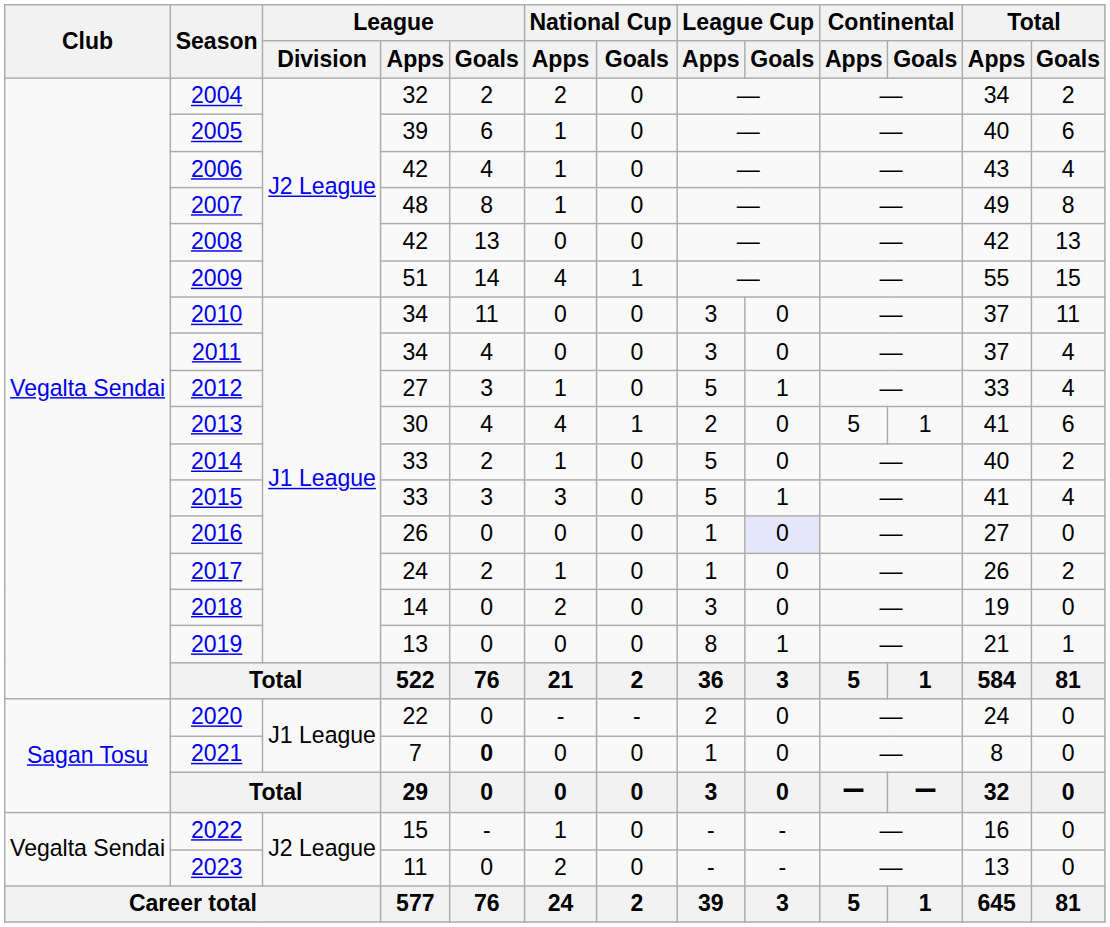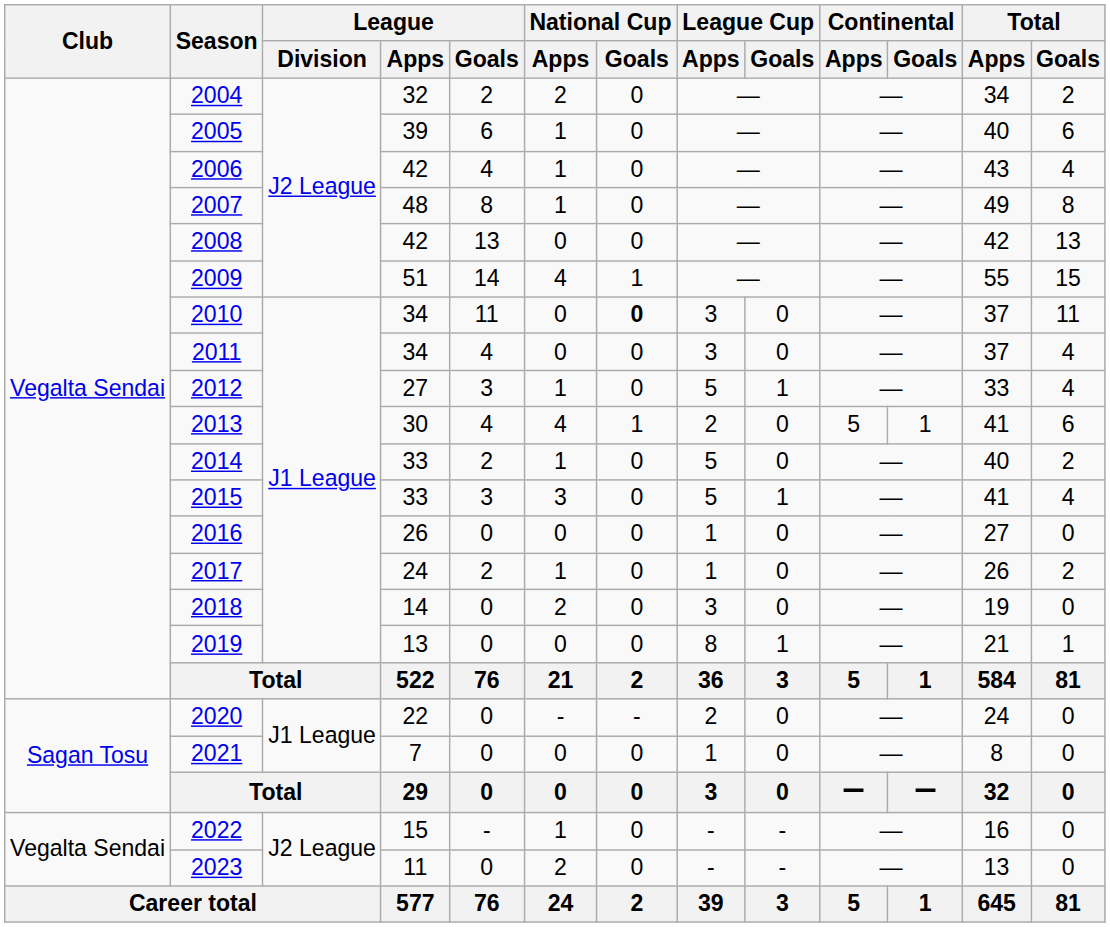 <table class="wikitable" style="text-align:center">
 <tr>
 <th rowspan="2">Club</th>
 <th rowspan="2">Season</th>
 <th colspan="3">League</th>
 <th colspan="2">National Cup</th>
 <th colspan="2">League Cup</th>
 <th colspan="2">Continental</th>
 <th colspan="2">Total</th>
 </tr>
 <tr>
 <th>Division</th>
 <th>Apps</th>
 <th>Goals</th>
 <th>Apps</th>
 <th>Goals</th>
 <th>Apps</th>
 <th>Goals</th>
 <th>Apps</th>
 <th>Goals</th>
 <th>Apps</th>
 <th>Goals</th>
 </tr>
 <tr>
 <td rowspan="17"><a href='#'>Vegalta Sendai</a></td>
 <td><a href='#'>2004</a></td>
 <td rowspan="6"><a href='#'>J2 League</a></td>
 <td>32</td>
 <td>2</td>
 <td>2</td>
 <td>0</td>
 <td colspan="2">—</td>
 <td colspan="2">—</td>
 <td>34</td>
 <td>2</td>
 </tr>
 <tr>
 <td><a href='#'>2005</a></td>
 <td>39</td>
 <td>6</td>
 <td>1</td>
 <td>0</td>
 <td colspan="2">—</td>
 <td colspan="2">—</td>
 <td>40</td>
 <td>6</td>
 </tr>
 <tr>
 <td><a href='#'>2006</a></td>
 <td>42</td>
 <td>4</td>
 <td>1</td>
 <td>0</td>
 <td colspan="2">—</td>
 <td colspan="2">—</td>
 <td>43</td>
 <td>4</td>
 </tr>
 <tr>
 <td><a href='#'>2007</a></td>
 <td>48</td>
 <td>8</td>
 <td>1</td>
 <td>0</td>
 <td colspan="2">—</td>
 <td colspan="2">—</td>
 <td>49</td>
 <td>8</td>
 </tr>
 <tr>
 <td><a href='#'>2008</a></td>
 <td>42</td>
 <td>13</td>
 <td>0</td>
 <td>0</td>
 <td colspan="2">—</td>
 <td colspan="2">—</td>
 <td>42</td>
 <td>13</td>
 </tr>
 <tr>
 <td><a href='#'>2009</a></td>
 <td>51</td>
 <td>14</td>
 <td>4</td>
 <td>1</td>
 <td colspan="2">—</td>
 <td colspan="2">—</td>
 <td>55</td>
 <td>15</td>
 </tr>
 <tr>
 <td><a href='#'>2010</a></td>
 <td rowspan="10"><a href='#'>J1 League</a></td>
 <td>34</td>
 <td>11</td>
 <td>0</td>
-<td>0</td>
+<td><strong>0</strong></td>
 <td>3</td>
 <td>0</td>
 <td colspan="2">—</td>
 <td>37</td>
 <td>11</td>
 </tr>
 <tr>
 <td><a href='#'>2011</a></td>
 <td>34</td>
 <td>4</td>
 <td>0</td>
 <td>0</td>
 <td>3</td>
 <td>0</td>
 <td colspan="2">—</td>
 <td>37</td>
 <td>4</td>
 </tr>
 <tr>
 <td><a href='#'>2012</a></td>
 <td>27</td>
 <td>3</td>
 <td>1</td>
 <td>0</td>
 <td>5</td>
 <td>1</td>
 <td colspan="2">—</td>
 <td>33</td>
 <td>4</td>
 </tr>
 <tr>
 <td><a href='#'>2013</a></td>
 <td>30</td>
 <td>4</td>
 <td>4</td>
 <td>1</td>
 <td>2</td>
 <td>0</td>
 <td>5</td>
 <td>1</td>
 <td>41</td>
 <td>6</td>
 </tr>
 <tr>
 <td><a href='#'>2014</a></td>
 <td>33</td>
 <td>2</td>
 <td>1</td>
 <td>0</td>
 <td>5</td>
 <td>0</td>
 <td colspan="2">—</td>
 <td>40</td>
 <td>2</td>
 </tr>
 <tr>
 <td><a href='#'>2015</a></td>
 <td>33</td>
 <td>3</td>
 <td>3</td>
 <td>0</td>
 <td>5</td>
 <td>1</td>
 <td colspan="2">—</td>
 <td>41</td>
 <td>4</td>
 </tr>
 <tr>
 <td><a href='#'>2016</a></td>
 <td>26</td>
 <td>0</td>
 <td>0</td>
 <td>0</td>
 <td>1</td>
-<td style="background: lavender;">0</td>
+<td>0</td>
 <td colspan="2">—</td>
 <td>27</td>
 <td>0</td>
 </tr>
 <tr>
 <td><a href='#'>2017</a></td>
 <td>24</td>
 <td>2</td>
 <td>1</td>
 <td>0</td>
 <td>1</td>
 <td>0</td>
 <td colspan="2">—</td>
 <td>26</td>
 <td>2</td>
 </tr>
 <tr>
 <td><a href='#'>2018</a></td>
 <td>14</td>
 <td>0</td>
 <td>2</td>
 <td>0</td>
 <td>3</td>
 <td>0</td>
 <td colspan="2">—</td>
 <td>19</td>
 <td>0</td>
 </tr>
 <tr>
 <td><a href='#'>2019</a></td>
 <td>13</td>
 <td>0</td>
 <td>0</td>
 <td>0</td>
 <td>8</td>
 <td>1</td>
 <td colspan="2">—</td>
 <td>21</td>
 <td>1</td>
 </tr>
 <tr>
 <th colspan="2">Total</th>
 <th>522</th>
 <th>76</th>
 <th>21</th>
 <th>2</th>
 <th>36</th>
 <th>3</th>
 <th>5</th>
 <th>1</th>
 <th>584</th>
 <th>81</th>
 </tr>
 <tr>
 <td rowspan="3"><a href='#'>Sagan Tosu</a></td>
 <td><a href='#'>2020</a></td>
 <td rowspan="2">J1 League</td>
 <td>22</td>
 <td>0</td>
 <td>-</td>
 <td>-</td>
 <td>2</td>
 <td>0</td>
 <td colspan="2">—</td>
 <td>24</td>
 <td>0</td>
 </tr>
 <tr>
 <td><a href='#'>2021</a></td>
 <td>7</td>
-<td><strong>0</strong></td>
+<td>0</td>
 <td>0</td>
 <td>0</td>
 <td>1</td>
 <td>0</td>
 <td colspan="2">—</td>
 <td>8</td>
 <td>0</td>
 </tr>
 <tr>
 <th colspan="2">Total</th>
 <th>29</th>
 <th>0</th>
 <th>0</th>
 <th>0</th>
 <th>3</th>
 <th>0</th>
 <th>ー</th>
 <th>ー</th>
 <th>32</th>
 <th>0</th>
 </tr>
 <tr>
 <td rowspan="2">Vegalta Sendai</td>
 <td><a href='#'>2022</a></td>
 <td rowspan="2">J2 League</td>
 <td>15</td>
 <td>-</td>
 <td>1</td>
 <td>0</td>
 <td>-</td>
 <td>-</td>
 <td colspan="2">—</td>
 <td>16</td>
 <td>0</td>
 </tr>
 <tr>
 <td><a href='#'>2023</a></td>
 <td>11</td>
 <td>0</td>
 <td>2</td>
 <td>0</td>
 <td>-</td>
 <td>-</td>
 <td colspan="2">—</td>
 <td>13</td>
 <td>0</td>
 </tr>
 <tr>
 <th colspan="3">Career total</th>
 <th>577</th>
 <th>76</th>
 <th>24</th>
 <th>2</th>
 <th>39</th>
 <th>3</th>
 <th>5</th>
 <th>1</th>
 <th>645</th>
 <th>81</th>
 </tr>
 </table>
